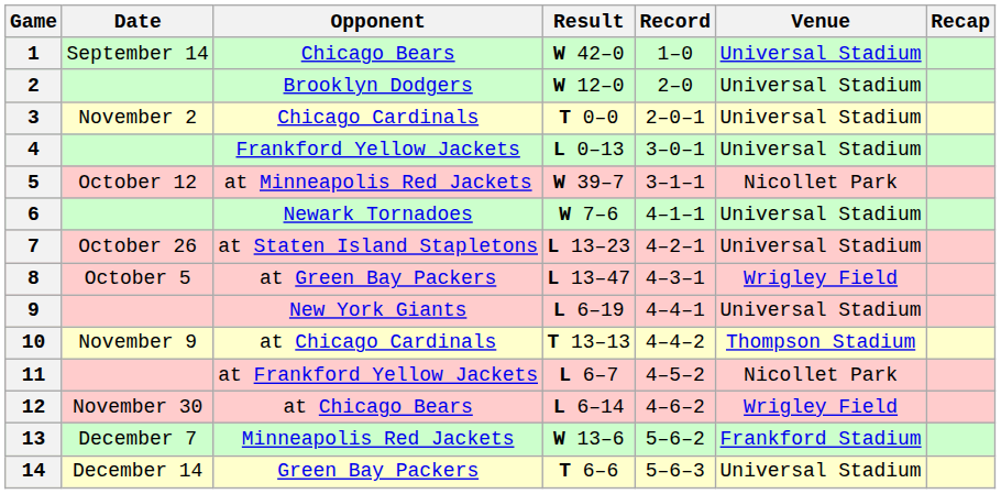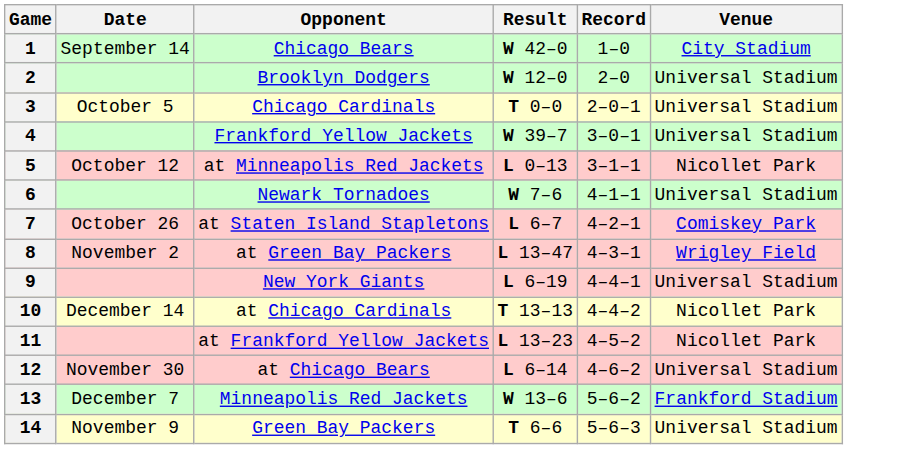 <table class="wikitable" style="text-align:center">
 <tr>
 <th>Game</th>
 <th>Date</th>
 <th>Opponent</th>
 <th>Result</th>
 <th>Record</th>
 <th>Venue</th>
-<th>Recap</th>
 </tr>
 <tr style="background:#cfc">
 <th>1</th>
 <td>September 14</td>
 <td><a href='#'>Chicago Bears</a></td>
 <td><strong>W</strong> 42–0</td>
 <td>1–0</td>
-<td><a href='#'>Universal Stadium</a></td>
-<td></td>
+<td><a href='#'>City Stadium</a></td>
 </tr>
 <tr style="background:#cfc">
 <th>2</th>
 <td></td>
 <td><a href='#'>Brooklyn Dodgers</a></td>
 <td><strong>W</strong> 12–0</td>
 <td>2–0</td>
 <td>Universal Stadium</td>
-<td></td>
 </tr>
 <tr style="background:#ffc">
 <th>3</th>
-<td>November 2</td>
+<td>October 5</td>
 <td><a href='#'>Chicago Cardinals</a></td>
 <td><strong>T</strong> 0–0</td>
 <td>2–0–1</td>
 <td>Universal Stadium</td>
-<td></td>
 </tr>
 <tr style="background:#cfc">
 <th>4</th>
 <td></td>
 <td><a href='#'>Frankford Yellow Jackets</a></td>
-<td><strong>L</strong> 0–13</td>
+<td><strong>W</strong> 39–7</td>
 <td>3–0–1</td>
 <td>Universal Stadium</td>
-<td></td>
 </tr>
 <tr style="background:#fcc">
 <th>5</th>
 <td>October 12</td>
 <td>at <a href='#'>Minneapolis Red Jackets</a></td>
-<td><strong>W</strong> 39–7</td>
+<td><strong>L</strong> 0–13</td>
 <td>3–1–1</td>
 <td>Nicollet Park</td>
-<td></td>
 </tr>
 <tr style="background:#cfc">
 <th>6</th>
 <td></td>
 <td><a href='#'>Newark Tornadoes</a></td>
 <td><strong>W</strong> 7–6</td>
 <td>4–1–1</td>
 <td>Universal Stadium</td>
-<td></td>
 </tr>
 <tr style="background:#fcc">
 <th>7</th>
 <td>October 26</td>
 <td>at <a href='#'>Staten Island Stapletons</a></td>
-<td><strong>L</strong> 13–23</td>
+<td><strong>L</strong> 6–7</td>
 <td>4–2–1</td>
-<td>Universal Stadium</td>
-<td></td>
+<td><a href='#'>Comiskey Park</a></td>
 </tr>
 <tr style="background:#fcc">
 <th>8</th>
-<td>October 5</td>
+<td>November 2</td>
 <td>at <a href='#'>Green Bay Packers</a></td>
 <td><strong>L</strong> 13–47</td>
 <td>4–3–1</td>
 <td><a href='#'>Wrigley Field</a></td>
-<td></td>
 </tr>
 <tr style="background:#fcc">
 <th>9</th>
 <td></td>
 <td><a href='#'>New York Giants</a></td>
 <td><strong>L</strong> 6–19</td>
 <td>4–4–1</td>
 <td>Universal Stadium</td>
-<td></td>
 </tr>
 <tr style="background:#ffc">
 <th>10</th>
-<td>November 9</td>
+<td>December 14</td>
 <td>at <a href='#'>Chicago Cardinals</a></td>
 <td><strong>T</strong> 13–13</td>
 <td>4–4–2</td>
-<td><a href='#'>Thompson Stadium</a></td>
-<td></td>
+<td>Nicollet Park</td>
 </tr>
 <tr style="background:#fcc">
 <th>11</th>
 <td></td>
 <td>at <a href='#'>Frankford Yellow Jackets</a></td>
-<td><strong>L</strong> 6–7</td>
+<td><strong>L</strong> 13–23</td>
 <td>4–5–2</td>
 <td>Nicollet Park</td>
-<td></td>
 </tr>
 <tr style="background:#fcc">
 <th>12</th>
 <td>November 30</td>
 <td>at <a href='#'>Chicago Bears</a></td>
 <td><strong>L</strong> 6–14</td>
 <td>4–6–2</td>
-<td><a href='#'>Wrigley Field</a></td>
-<td></td>
+<td>Universal Stadium</td>
 </tr>
 <tr style="background:#cfc">
 <th>13</th>
 <td>December 7</td>
 <td><a href='#'>Minneapolis Red Jackets</a></td>
 <td><strong>W</strong> 13–6</td>
 <td>5–6–2</td>
 <td><a href='#'>Frankford Stadium</a></td>
-<td></td>
 </tr>
 <tr style="background:#ffc">
 <th>14</th>
-<td>December 14</td>
+<td>November 9</td>
 <td><a href='#'>Green Bay Packers</a></td>
 <td><strong>T</strong> 6–6</td>
 <td>5–6–3</td>
 <td>Universal Stadium</td>
-<td></td>
 </tr>
 </table>
